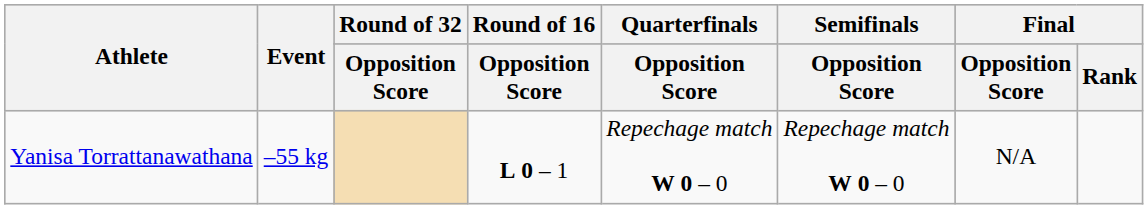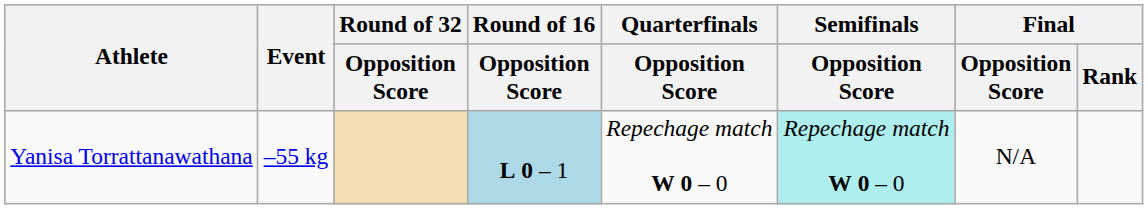 <table class=wikitable style="font-size:90%; text-align:center">
 <tr>
 <th rowspan="2">Athlete</th>
 <th rowspan="2">Event</th>
 <th>Round of 32</th>
 <th>Round of 16</th>
 <th>Quarterfinals</th>
 <th>Semifinals</th>
 <th colspan="2">Final</th>
 </tr>
 <tr>
 <th>Opposition<br>Score</th>
 <th>Opposition<br>Score</th>
 <th>Opposition<br>Score</th>
 <th>Opposition<br>Score</th>
 <th>Opposition<br>Score</th>
 <th>Rank</th>
 </tr>
 <tr>
 <td align=left><a href='#'>Yanisa Torrattanawathana</a></td>
 <td><a href='#'>–55 kg</a></td>
 <td bgcolor=wheat></td>
-<td><br><strong>L</strong> <strong>0</strong> – 1</td>
+<td style="background: lightblue;"><br><strong>L</strong> <strong>0</strong> – 1</td>
 <td><em>Repechage match</em><br><br><strong>W</strong> <strong>0</strong> – 0</td>
-<td><em>Repechage match</em><br><br><strong>W</strong> <strong>0</strong> – 0</td>
+<td style="background: paleturquoise;"><em>Repechage match</em><br><br><strong>W</strong> <strong>0</strong> – 0</td>
 <td>N/A</td>
 <td></td>
 </tr>
 </table>
